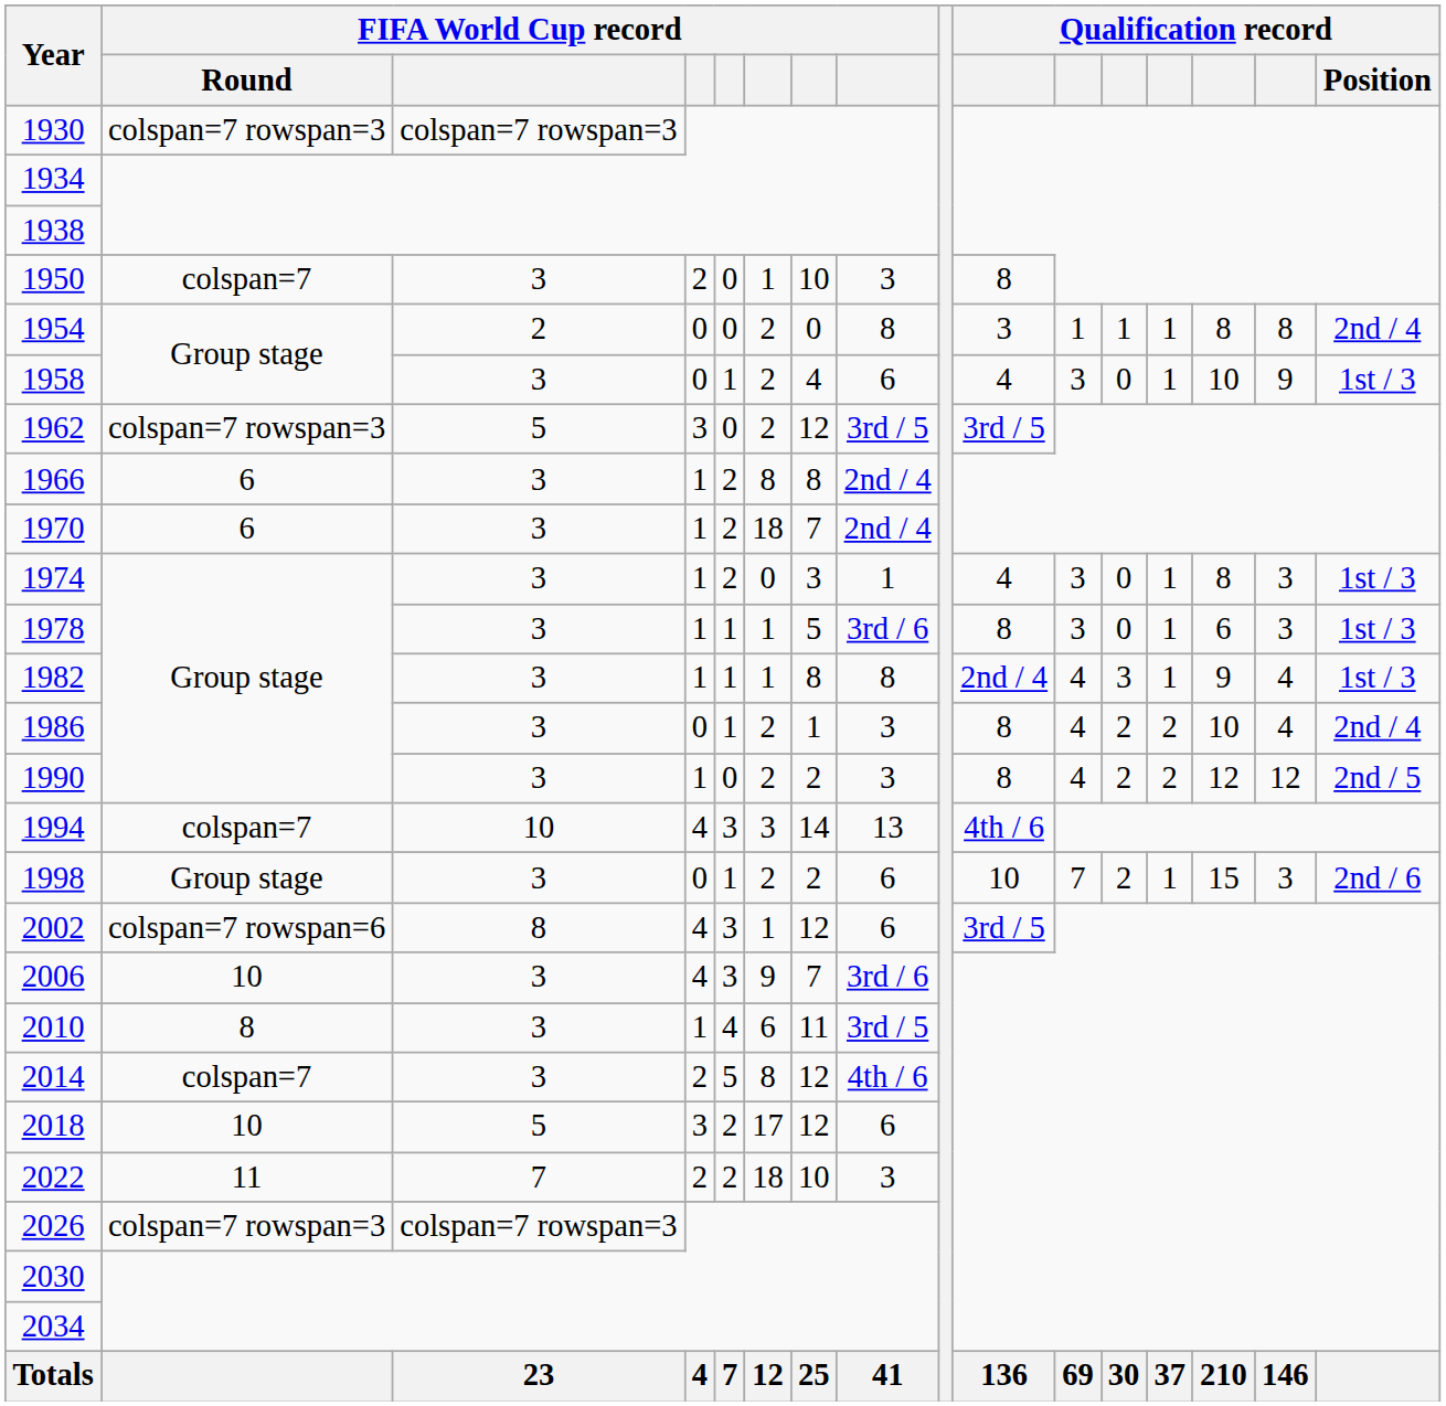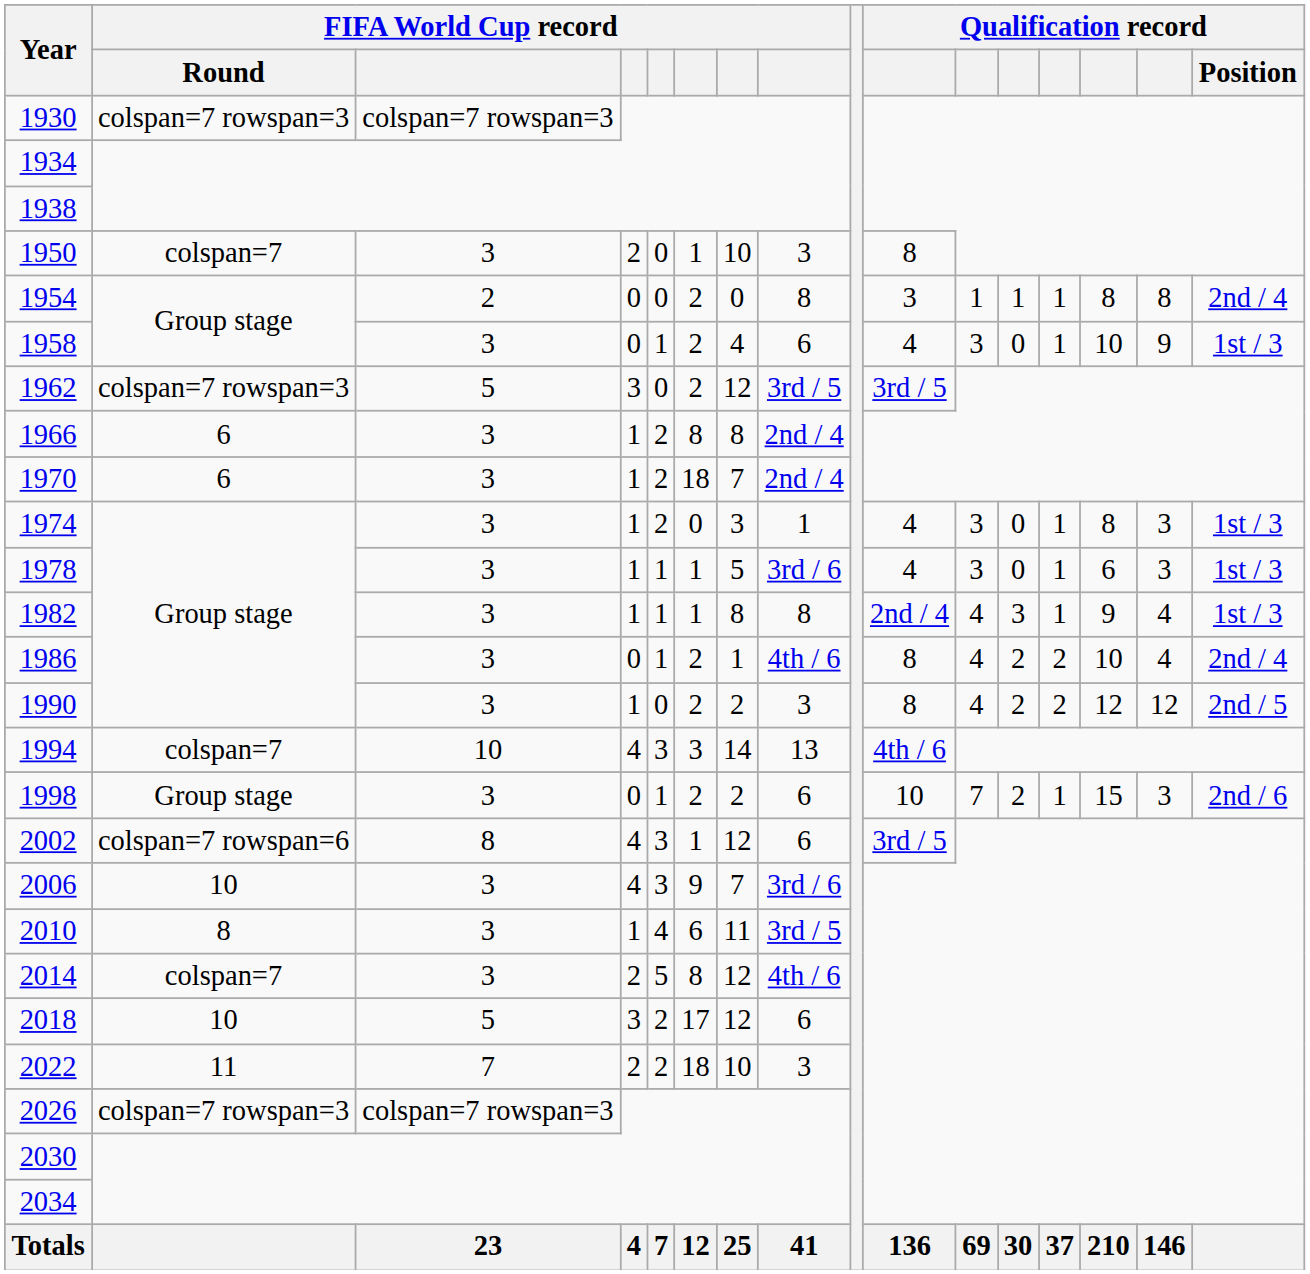 <table class="wikitable" style="text-align: center;font-size:100%;">
 <tr>
 <th rowspan="2">Year</th>
 <th colspan="7"><a href='#'>FIFA World Cup</a> record</th>
 <th rowspan="28"></th>
 <th colspan="7"><a href='#'>Qualification</a> record</th>
 </tr>
 <tr>
 <th>Round</th>
 <th></th>
 <th></th>
 <th></th>
 <th></th>
 <th></th>
 <th></th>
 <th></th>
 <th></th>
 <th></th>
 <th></th>
 <th></th>
 <th></th>
 <th>Position</th>
 </tr>
 <tr>
 <td><a href='#'>1930</a></td>
 <td>colspan=7 rowspan=3 </td>
 <td>colspan=7 rowspan=3 </td>
 </tr>
 <tr>
 <td><a href='#'>1934</a></td>
 </tr>
 <tr>
 <td><a href='#'>1938</a></td>
 </tr>
 <tr>
 <td><a href='#'>1950</a></td>
 <td>colspan=7 </td>
 <td>3</td>
 <td>2</td>
 <td>0</td>
 <td>1</td>
 <td>10</td>
 <td>3</td>
 <td>8</td>
 </tr>
 <tr>
 <td><a href='#'>1954</a></td>
 <td rowspan=2>Group stage</td>
 <td>2</td>
 <td>0</td>
 <td>0</td>
 <td>2</td>
 <td>0</td>
 <td>8</td>
 <td>3</td>
 <td>1</td>
 <td>1</td>
 <td>1</td>
 <td>8</td>
 <td>8</td>
 <td><a href='#'>2nd / 4</a></td>
 </tr>
 <tr>
 <td><a href='#'>1958</a></td>
 <td>3</td>
 <td>0</td>
 <td>1</td>
 <td>2</td>
 <td>4</td>
 <td>6</td>
 <td>4</td>
 <td>3</td>
 <td>0</td>
 <td>1</td>
 <td>10</td>
 <td>9</td>
 <td><a href='#'>1st / 3</a></td>
 </tr>
 <tr>
 <td><a href='#'>1962</a></td>
 <td>colspan=7 rowspan=3 </td>
 <td>5</td>
 <td>3</td>
 <td>0</td>
 <td>2</td>
 <td>12</td>
 <td><a href='#'>3rd / 5</a></td>
 <td><a href='#'>3rd / 5</a></td>
 </tr>
 <tr>
 <td><a href='#'>1966</a></td>
 <td>6</td>
 <td>3</td>
 <td>1</td>
 <td>2</td>
 <td>8</td>
 <td>8</td>
 <td><a href='#'>2nd / 4</a></td>
 </tr>
 <tr>
 <td><a href='#'>1970</a></td>
 <td>6</td>
 <td>3</td>
 <td>1</td>
 <td>2</td>
 <td>18</td>
 <td>7</td>
 <td><a href='#'>2nd / 4</a></td>
 </tr>
 <tr>
 <td><a href='#'>1974</a></td>
 <td rowspan=5>Group stage</td>
 <td>3</td>
 <td>1</td>
 <td>2</td>
 <td>0</td>
 <td>3</td>
 <td>1</td>
 <td>4</td>
 <td>3</td>
 <td>0</td>
 <td>1</td>
 <td>8</td>
 <td>3</td>
 <td><a href='#'>1st / 3</a></td>
 </tr>
 <tr>
 <td><a href='#'>1978</a></td>
 <td>3</td>
 <td>1</td>
 <td>1</td>
 <td>1</td>
 <td>5</td>
 <td><a href='#'>3rd / 6</a></td>
-<td>8</td>
+<td>4</td>
 <td>3</td>
 <td>0</td>
 <td>1</td>
 <td>6</td>
 <td>3</td>
 <td><a href='#'>1st / 3</a></td>
 </tr>
 <tr>
 <td><a href='#'>1982</a></td>
 <td>3</td>
 <td>1</td>
 <td>1</td>
 <td>1</td>
 <td>8</td>
 <td>8</td>
 <td><a href='#'>2nd / 4</a></td>
 <td>4</td>
 <td>3</td>
 <td>1</td>
 <td>9</td>
 <td>4</td>
 <td><a href='#'>1st / 3</a></td>
 </tr>
 <tr>
 <td><a href='#'>1986</a></td>
 <td>3</td>
 <td>0</td>
 <td>1</td>
 <td>2</td>
 <td>1</td>
-<td>3</td>
+<td><a href='#'>4th / 6</a></td>
 <td>8</td>
 <td>4</td>
 <td>2</td>
 <td>2</td>
 <td>10</td>
 <td>4</td>
 <td><a href='#'>2nd / 4</a></td>
 </tr>
 <tr>
 <td><a href='#'>1990</a></td>
 <td>3</td>
 <td>1</td>
 <td>0</td>
 <td>2</td>
 <td>2</td>
 <td>3</td>
 <td>8</td>
 <td>4</td>
 <td>2</td>
 <td>2</td>
 <td>12</td>
 <td>12</td>
 <td><a href='#'>2nd / 5</a></td>
 </tr>
 <tr>
 <td><a href='#'>1994</a></td>
 <td>colspan=7 </td>
 <td>10</td>
 <td>4</td>
 <td>3</td>
 <td>3</td>
 <td>14</td>
 <td>13</td>
 <td><a href='#'>4th / 6</a></td>
 </tr>
 <tr>
 <td><a href='#'>1998</a></td>
 <td>Group stage</td>
 <td>3</td>
 <td>0</td>
 <td>1</td>
 <td>2</td>
 <td>2</td>
 <td>6</td>
 <td>10</td>
 <td>7</td>
 <td>2</td>
 <td>1</td>
 <td>15</td>
 <td>3</td>
 <td><a href='#'>2nd / 6</a></td>
 </tr>
 <tr>
 <td><a href='#'>2002</a></td>
 <td>colspan=7 rowspan=6 </td>
 <td>8</td>
 <td>4</td>
 <td>3</td>
 <td>1</td>
 <td>12</td>
 <td>6</td>
 <td><a href='#'>3rd / 5</a></td>
 </tr>
 <tr>
 <td><a href='#'>2006</a></td>
 <td>10</td>
 <td>3</td>
 <td>4</td>
 <td>3</td>
 <td>9</td>
 <td>7</td>
 <td><a href='#'>3rd / 6</a></td>
 </tr>
 <tr>
 <td><a href='#'>2010</a></td>
 <td>8</td>
 <td>3</td>
 <td>1</td>
 <td>4</td>
 <td>6</td>
 <td>11</td>
 <td><a href='#'>3rd / 5</a></td>
 </tr>
 <tr>
 <td><a href='#'>2014</a></td>
 <td>colspan=7 </td>
 <td>3</td>
 <td>2</td>
 <td>5</td>
 <td>8</td>
 <td>12</td>
 <td><a href='#'>4th / 6</a></td>
 </tr>
 <tr>
 <td><a href='#'>2018</a></td>
 <td>10</td>
 <td>5</td>
 <td>3</td>
 <td>2</td>
 <td>17</td>
 <td>12</td>
 <td>6</td>
 </tr>
 <tr>
 <td><a href='#'>2022</a></td>
 <td>11</td>
 <td>7</td>
 <td>2</td>
 <td>2</td>
 <td>18</td>
 <td>10</td>
 <td>3</td>
 </tr>
 <tr>
 <td><a href='#'>2026</a></td>
 <td>colspan=7 rowspan=3 </td>
 <td>colspan=7 rowspan=3 </td>
 </tr>
 <tr>
 <td><a href='#'>2030</a></td>
 </tr>
 <tr>
 <td><a href='#'>2034</a></td>
 </tr>
 <tr>
 <th>Totals</th>
 <th></th>
 <th>23</th>
 <th>4</th>
 <th>7</th>
 <th>12</th>
 <th>25</th>
 <th>41</th>
 <th>136</th>
 <th>69</th>
 <th>30</th>
 <th>37</th>
 <th>210</th>
 <th>146</th>
 <th></th>
 </tr>
 </table>
